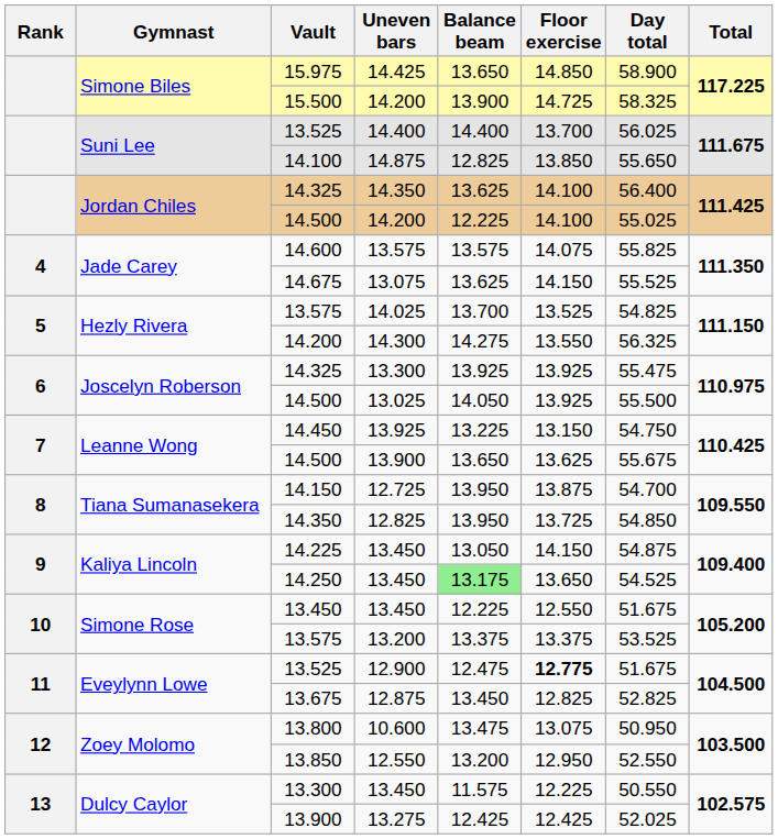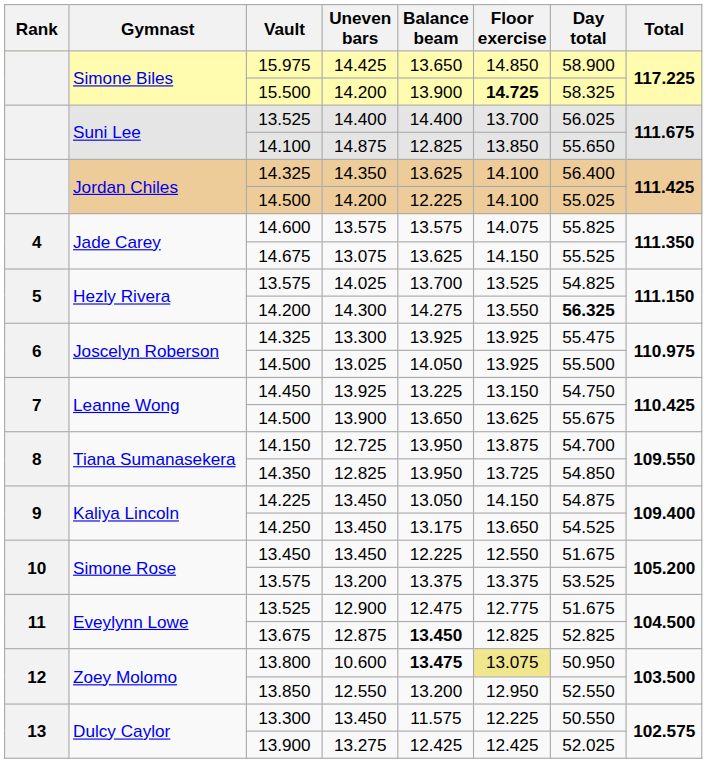 <table class="wikitable sortable" style="text-align:center; font-size:95%">
 <tr>
 <th scope="col" style="width:50px;">Rank</th>
 <th scope="col" style="width:150px;">Gymnast</th>
 <th scope="col" style="width:60px;"> Vault</th>
 <th scope="col" style="width:60px;"> Uneven bars</th>
 <th scope="col" style="width:60px;"> Balance beam</th>
 <th scope="col" style="width:60px;"> Floor exercise</th>
 <th scope="col" style="width:60px;">Day total</th>
 <th scope="col" style="width:60px;">Total</th>
 </tr>
 <tr style="background:#fffcaf;">
 <th rowspan="2" scope=row style="text-align:center"></th>
 <td rowspan="2" align=left><a href='#'>Simone Biles</a></td>
 <td>15.975</td>
 <td>14.425</td>
 <td>13.650</td>
 <td>14.850</td>
 <td>58.900</td>
 <td rowspan="2"><strong>117.225</strong></td>
 </tr>
 <tr style="background:#fffcaf;">
 <td>15.500</td>
 <td>14.200</td>
 <td>13.900</td>
-<td>14.725</td>
+<td><strong>14.725</strong></td>
 <td>58.325</td>
 </tr>
 <tr style="background:#e5e5e5;">
 <th rowspan="2" scope=row style="text-align:center"></th>
 <td rowspan="2" align=left><a href='#'>Suni Lee</a></td>
 <td>13.525</td>
 <td>14.400</td>
 <td>14.400</td>
 <td>13.700</td>
 <td>56.025</td>
 <td rowspan="2"><strong>111.675</strong></td>
 </tr>
 <tr style="background:#e5e5e5;">
 <td>14.100</td>
 <td>14.875</td>
 <td>12.825</td>
 <td>13.850</td>
 <td>55.650</td>
 </tr>
 <tr style="background:#ec9;">
 <th rowspan="2" scope=row style="text-align:center"></th>
 <td rowspan="2" align=left><a href='#'>Jordan Chiles</a></td>
 <td>14.325</td>
 <td>14.350</td>
 <td>13.625</td>
 <td>14.100</td>
 <td>56.400</td>
 <td rowspan="2"><strong>111.425</strong></td>
 </tr>
 <tr style="background:#ec9;">
 <td>14.500</td>
 <td>14.200</td>
 <td>12.225</td>
 <td>14.100</td>
 <td>55.025</td>
 </tr>
 <tr>
 <th rowspan="2" scope=row style="text-align:center">4</th>
 <td rowspan="2" align=left><a href='#'>Jade Carey</a></td>
 <td>14.600</td>
 <td>13.575</td>
 <td>13.575</td>
 <td>14.075</td>
 <td>55.825</td>
 <td rowspan="2"><strong>111.350</strong></td>
 </tr>
 <tr>
 <td>14.675</td>
 <td>13.075</td>
 <td>13.625</td>
 <td>14.150</td>
 <td>55.525</td>
 </tr>
 <tr>
 <th rowspan="2" scope=row style="text-align:center">5</th>
 <td rowspan="2" align=left><a href='#'>Hezly Rivera</a></td>
 <td>13.575</td>
 <td>14.025</td>
 <td>13.700</td>
 <td>13.525</td>
 <td>54.825</td>
 <td rowspan="2"><strong>111.150</strong></td>
 </tr>
 <tr>
 <td>14.200</td>
 <td>14.300</td>
 <td>14.275</td>
 <td>13.550</td>
-<td>56.325</td>
+<td><strong>56.325</strong></td>
 </tr>
 <tr>
 <th rowspan="2" scope=row style="text-align:center">6</th>
 <td rowspan="2" align=left><a href='#'>Joscelyn Roberson</a></td>
 <td>14.325</td>
 <td>13.300</td>
 <td>13.925</td>
 <td>13.925</td>
 <td>55.475</td>
 <td rowspan="2"><strong>110.975</strong></td>
 </tr>
 <tr>
 <td>14.500</td>
 <td>13.025</td>
 <td>14.050</td>
 <td>13.925</td>
 <td>55.500</td>
 </tr>
 <tr>
 <th rowspan="2" scope=row style="text-align:center">7</th>
 <td rowspan="2" align=left><a href='#'>Leanne Wong</a></td>
 <td>14.450</td>
 <td>13.925</td>
 <td>13.225</td>
 <td>13.150</td>
 <td>54.750</td>
 <td rowspan="2"><strong>110.425</strong></td>
 </tr>
 <tr>
 <td>14.500</td>
 <td>13.900</td>
 <td>13.650</td>
 <td>13.625</td>
 <td>55.675</td>
 </tr>
 <tr>
 <th rowspan="2" scope=row style="text-align:center">8</th>
 <td rowspan="2" align=left><a href='#'>Tiana Sumanasekera</a></td>
 <td>14.150</td>
 <td>12.725</td>
 <td>13.950</td>
 <td>13.875</td>
 <td>54.700</td>
 <td rowspan="2"><strong>109.550</strong></td>
 </tr>
 <tr>
 <td>14.350</td>
 <td>12.825</td>
 <td>13.950</td>
 <td>13.725</td>
 <td>54.850</td>
 </tr>
 <tr>
 <th rowspan="2" scope=row style="text-align:center">9</th>
 <td rowspan="2" align=left><a href='#'>Kaliya Lincoln</a></td>
 <td>14.225</td>
 <td>13.450</td>
 <td>13.050</td>
 <td>14.150</td>
 <td>54.875</td>
 <td rowspan="2"><strong>109.400</strong></td>
 </tr>
 <tr>
 <td>14.250</td>
 <td>13.450</td>
-<td style="background: lightgreen;">13.175</td>
+<td>13.175</td>
 <td>13.650</td>
 <td>54.525</td>
 </tr>
 <tr>
 <th rowspan="2" scope=row style="text-align:center">10</th>
 <td rowspan="2" align=left><a href='#'>Simone Rose</a></td>
 <td>13.450</td>
 <td>13.450</td>
 <td>12.225</td>
 <td>12.550</td>
 <td>51.675</td>
 <td rowspan="2"><strong>105.200</strong></td>
 </tr>
 <tr>
 <td>13.575</td>
 <td>13.200</td>
 <td>13.375</td>
 <td>13.375</td>
 <td>53.525</td>
 </tr>
 <tr>
 <th rowspan="2" scope=row style="text-align:center">11</th>
 <td rowspan="2" align=left><a href='#'>Eveylynn Lowe</a></td>
 <td>13.525</td>
 <td>12.900</td>
 <td>12.475</td>
-<td><strong>12.775</strong></td>
+<td>12.775</td>
 <td>51.675</td>
 <td rowspan="2"><strong>104.500</strong></td>
 </tr>
 <tr>
 <td>13.675</td>
 <td>12.875</td>
-<td>13.450</td>
+<td><strong>13.450</strong></td>
 <td>12.825</td>
 <td>52.825</td>
 </tr>
 <tr>
 <th rowspan="2" scope=row style="text-align:center">12</th>
 <td rowspan="2" align=left><a href='#'>Zoey Molomo</a></td>
 <td>13.800</td>
 <td>10.600</td>
-<td>13.475</td>
-<td>13.075</td>
+<td><strong>13.475</strong></td>
+<td style="background: khaki;">13.075</td>
 <td>50.950</td>
 <td rowspan="2"><strong>103.500</strong></td>
 </tr>
 <tr>
 <td>13.850</td>
 <td>12.550</td>
 <td>13.200</td>
 <td>12.950</td>
 <td>52.550</td>
 </tr>
 <tr>
 <th rowspan="2" scope=row style="text-align:center">13</th>
 <td rowspan="2" align=left><a href='#'>Dulcy Caylor</a></td>
 <td>13.300</td>
 <td>13.450</td>
 <td>11.575</td>
 <td>12.225</td>
 <td>50.550</td>
 <td rowspan="2"><strong>102.575</strong></td>
 </tr>
 <tr>
 <td>13.900</td>
 <td>13.275</td>
 <td>12.425</td>
 <td>12.425</td>
 <td>52.025</td>
 </tr>
 </table>
